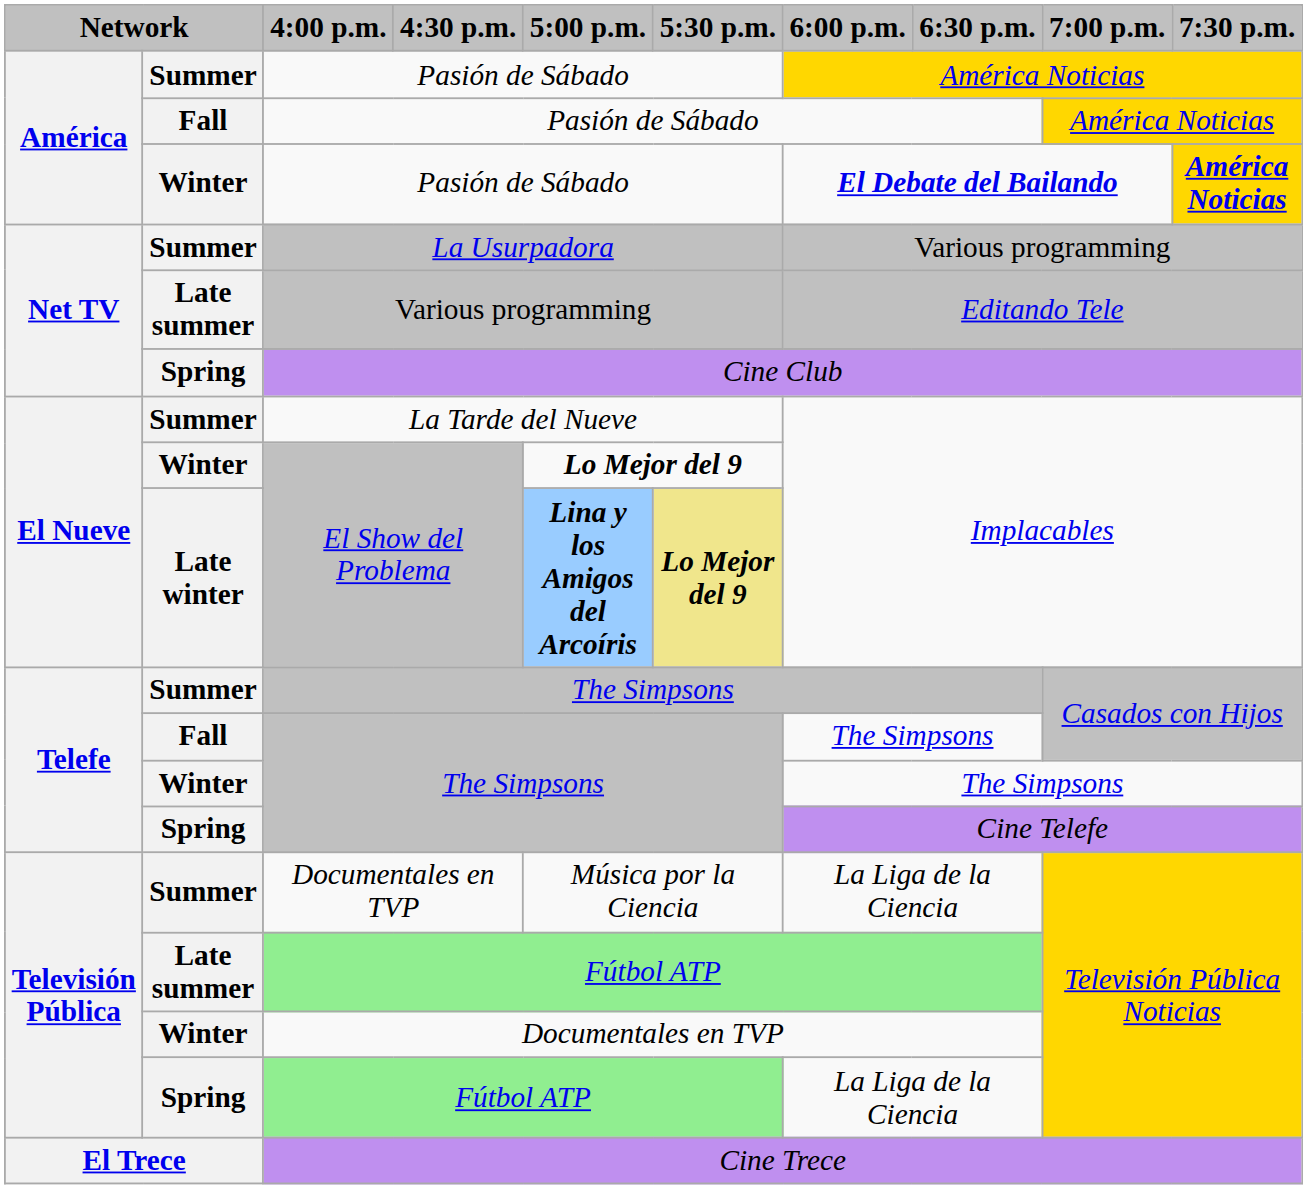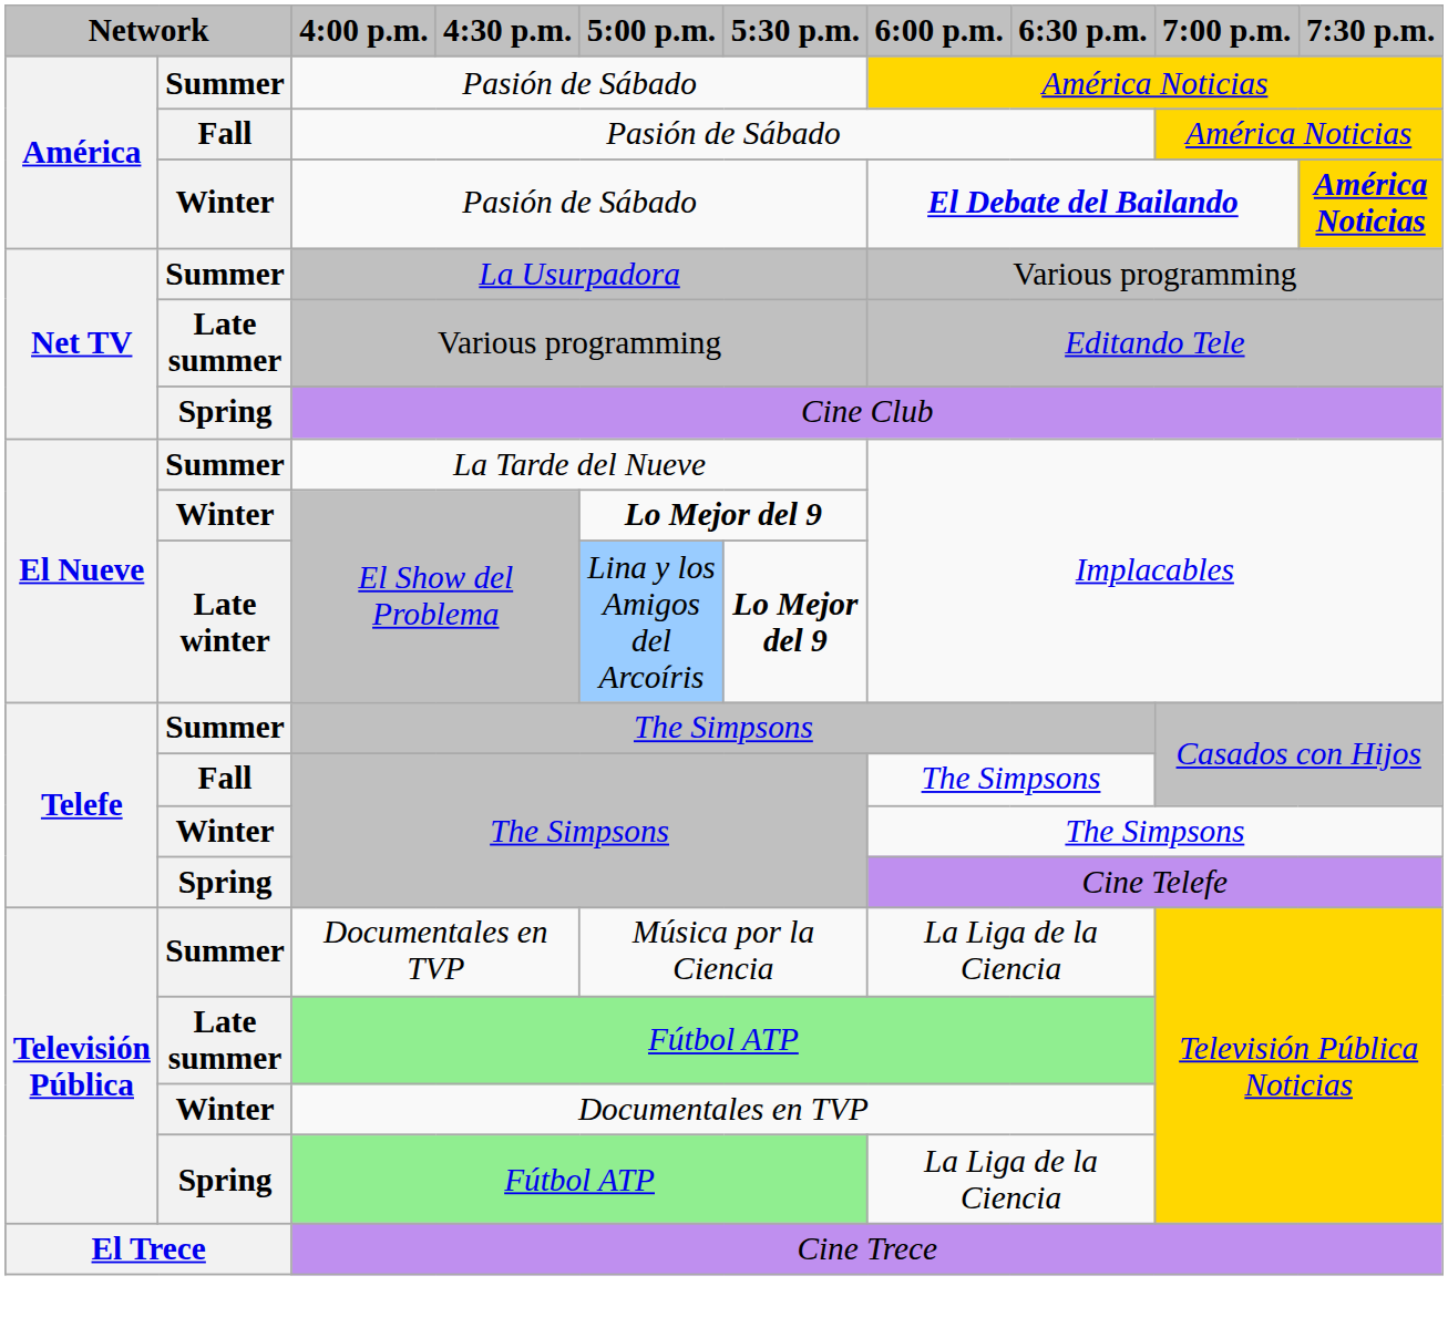 <table class="wikitable" style="width:100%;margin-right:0;text-align:center">
 <tr>
 <th colspan="2" style="background-color:#C0C0C0;width:13%;">Network</th>
 <th style="background-color:#C0C0C0;text-align:center;width:10%;">4:00 p.m.</th>
 <th style="background-color:#C0C0C0;text-align:center;width:10%;">4:30 p.m.</th>
 <th style="background-color:#C0C0C0;text-align:center;width:10%;">5:00 p.m.</th>
 <th style="background-color:#C0C0C0;text-align:center;width:10%;">5:30 p.m.</th>
 <th style="background-color:#C0C0C0;text-align:center;width:10%;">6:00 p.m.</th>
 <th style="background-color:#C0C0C0;text-align:center;width:10%;">6:30 p.m.</th>
 <th style="background-color:#C0C0C0;text-align:center;width:10%;">7:00 p.m.</th>
 <th style="background-color:#C0C0C0;text-align:center;width:10%;">7:30 p.m.</th>
 </tr>
 <tr>
 <th rowspan="3"><a href='#'>América</a></th>
 <th>Summer</th>
 <td colspan="4"><em>Pasión de Sábado</em> </td>
 <td style="background:#ffd700;" colspan="4"><em><a href='#'>América Noticias</a></em></td>
 </tr>
 <tr>
 <th>Fall</th>
 <td colspan="6"><em>Pasión de Sábado</em> </td>
 <td style="background:#ffd700;" colspan="2"><em><a href='#'>América Noticias</a></em></td>
 </tr>
 <tr>
 <th>Winter</th>
 <td colspan="4"><em>Pasión de Sábado</em> </td>
 <td colspan="3"><strong><em><a href='#'>El Debate del Bailando</a></em></strong></td>
 <td style="background:#ffd700;"><strong><em><a href='#'>América Noticias</a></em> </strong></td>
 </tr>
 <tr>
 <th rowspan="3"><a href='#'>Net TV</a></th>
 <th>Summer</th>
 <td style="background:#C0C0C0;" colspan="4"><em><a href='#'>La Usurpadora</a></em> </td>
 <td style="background:#C0C0C0;" colspan="4">Various programming</td>
 </tr>
 <tr>
 <th>Late summer</th>
 <td style="background:#C0C0C0;" colspan="4">Various programming</td>
 <td style="background:#C0C0C0;" colspan="4"><em><a href='#'>Editando Tele</a></em> </td>
 </tr>
 <tr>
 <th>Spring</th>
 <td style="background:#bf8fef;" colspan="8"><em>Cine Club</em></td>
 </tr>
 <tr>
 <th rowspan="3"><a href='#'>El Nueve</a></th>
 <th>Summer</th>
 <td colspan="4"><em>La Tarde del Nueve</em></td>
 <td colspan="4" rowspan="3"><em><a href='#'>Implacables</a></em></td>
 </tr>
 <tr>
 <th>Winter</th>
 <td style="background:#C0C0C0;" colspan="2" rowspan="2"><em><a href='#'>El Show del Problema</a></em>  </td>
 <td colspan="2"><strong><em>Lo Mejor del 9</em></strong></td>
 </tr>
 <tr>
 <th>Late winter</th>
-<td style="background:#99ccff;"><strong><em>Lina y los Amigos del Arcoíris</em> </strong></td>
-<td style="background: khaki;"><strong><em>Lo Mejor del 9</em></strong></td>
+<td style="background:#99ccff;"><em>Lina y los Amigos del Arcoíris</em> </td>
+<td><strong><em>Lo Mejor del 9</em></strong></td>
 </tr>
 <tr>
 <th rowspan="4"><a href='#'>Telefe</a></th>
 <th>Summer</th>
 <td style="background:#C0C0C0;" colspan="6"><em><a href='#'>The Simpsons</a></em>  </td>
 <td style="background:#C0C0C0;" colspan="2" rowspan="2"><em><a href='#'>Casados con Hijos</a></em>  </td>
 </tr>
 <tr>
 <th>Fall</th>
 <td style="background:#C0C0C0;" colspan="4" rowspan="3"><em><a href='#'>The Simpsons</a></em>  </td>
 <td colspan="2"><em><a href='#'>The Simpsons</a></em></td>
 </tr>
 <tr>
 <th>Winter</th>
 <td colspan="4"><em><a href='#'>The Simpsons</a></em></td>
 </tr>
 <tr>
 <th>Spring</th>
 <td style="background:#bf8fef;" colspan="4"><em>Cine Telefe</em> </td>
 </tr>
 <tr>
 <th rowspan="4"><a href='#'>Televisión Pública</a></th>
 <th>Summer</th>
 <td colspan="2"><em>Documentales en TVP</em><br></td>
 <td colspan="2"><em>Música por la Ciencia</em></td>
 <td colspan="2"><em>La Liga de la Ciencia</em></td>
 <td style="background:#ffd700;" colspan="2" rowspan="4"><em><a href='#'>Televisión Pública Noticias</a></em></td>
 </tr>
 <tr>
 <th>Late summer</th>
 <td style="background:lightgreen;" colspan="6"><em><a href='#'>Fútbol ATP</a></em> </td>
 </tr>
 <tr>
 <th>Winter</th>
 <td colspan="6"><em>Documentales en TVP</em> </td>
 </tr>
 <tr>
 <th>Spring</th>
 <td style="background:lightgreen;" colspan="4"><em><a href='#'>Fútbol ATP</a></em> </td>
 <td colspan="2"><em>La Liga de la Ciencia</em></td>
 </tr>
 <tr>
 <th colspan="2"><a href='#'>El Trece</a></th>
 <td style="background:#bf8fef;" colspan="8"><em>Cine Trece</em>  </td>
 </tr>
 </table>
